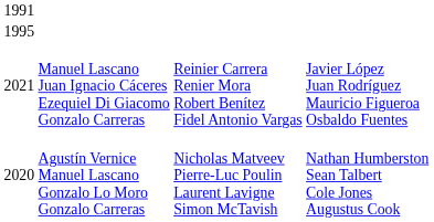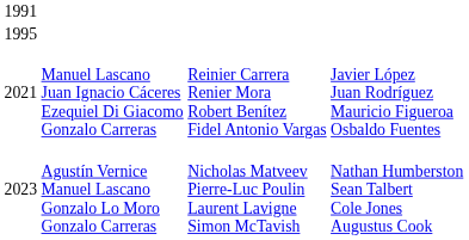 <table>
 <tr>
 <td>1991<br></td>
 <td></td>
 <td></td>
 <td></td>
 </tr>
 <tr>
 <td>1995<br></td>
 <td></td>
 <td></td>
 <td></td>
 </tr>
 <tr>
 <td>2021<br></td>
 <td><br><a href='#'>Manuel Lascano</a><br><a href='#'>Juan Ignacio Cáceres</a><br><a href='#'>Ezequiel Di Giacomo</a><br><a href='#'>Gonzalo Carreras</a></td>
 <td><br><a href='#'>Reinier Carrera</a><br><a href='#'>Renier Mora</a><br><a href='#'>Robert Benítez</a><br><a href='#'>Fidel Antonio Vargas</a></td>
 <td><br><a href='#'>Javier López</a><br><a href='#'>Juan Rodríguez</a><br><a href='#'>Mauricio Figueroa</a><br><a href='#'>Osbaldo Fuentes</a></td>
 </tr>
 <tr>
-<td>2020<br></td>
+<td>2023<br></td>
 <td><br><a href='#'>Agustín Vernice</a><br><a href='#'>Manuel Lascano</a><br><a href='#'>Gonzalo Lo Moro</a><br><a href='#'>Gonzalo Carreras</a></td>
 <td><br><a href='#'>Nicholas Matveev</a><br><a href='#'>Pierre-Luc Poulin</a><br><a href='#'>Laurent Lavigne</a><br><a href='#'>Simon McTavish</a></td>
 <td><br><a href='#'>Nathan Humberston</a><br><a href='#'>Sean Talbert</a><br><a href='#'>Cole Jones</a><br><a href='#'>Augustus Cook</a></td>
 </tr>
 </table>
